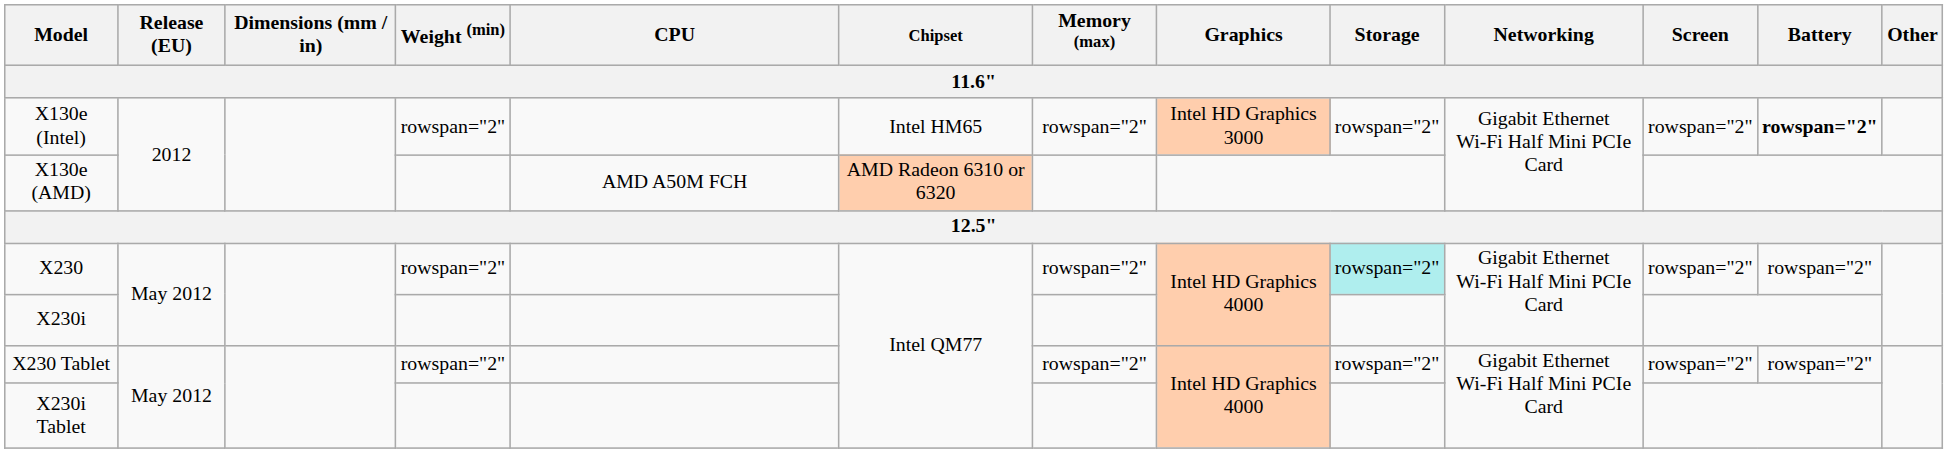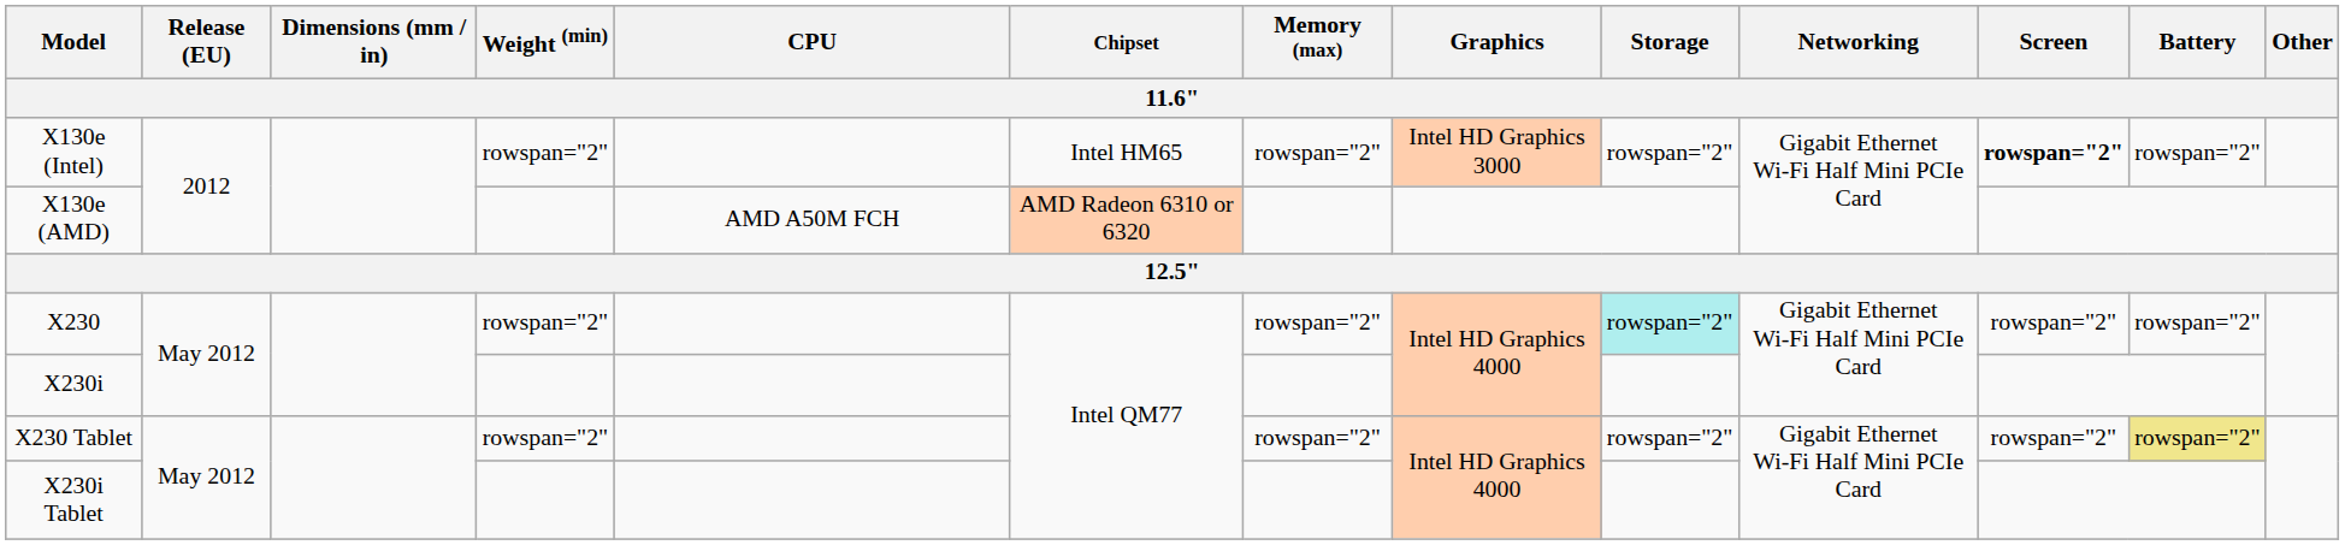 <table class="wikitable" style="font-size: 80%; text-align: center; min-width: 80%;">
 <tr>
 <th>Model</th>
 <th>Release (EU)</th>
 <th>Dimensions (mm / in)</th>
 <th>Weight <sup>(min)</sup></th>
 <th style="width:17%">CPU</th>
 <th><small>Chipset</small></th>
 <th>Memory <sup>(max)</sup></th>
 <th>Graphics</th>
 <th>Storage</th>
 <th>Networking</th>
 <th>Screen</th>
 <th>Battery</th>
 <th>Other</th>
 </tr>
 <tr>
 <th colspan=13>11.6"</th>
 </tr>
 <tr>
 <td>X130e (Intel) </td>
 <td rowspan="2">2012</td>
 <td rowspan="2"></td>
 <td>rowspan="2" </td>
 <td></td>
 <td>Intel HM65</td>
 <td>rowspan="2" </td>
 <td style="background:#ffcead;">Intel HD Graphics 3000</td>
 <td>rowspan="2" </td>
 <td rowspan="2">Gigabit Ethernet<br>Wi-Fi Half Mini PCIe Card<br><small><br></small></td>
+<td><strong>rowspan="2" </strong></td>
 <td>rowspan="2" </td>
-<td><strong>rowspan="2" </strong></td>
 <td></td>
 </tr>
 <tr>
 <td>X130e (AMD)</td>
 <td></td>
 <td>AMD A50M FCH</td>
 <td style="background:#ffcead;">AMD Radeon 6310 or 6320</td>
 <td></td>
 </tr>
 <tr>
 <th colspan=13>12.5"</th>
 </tr>
 <tr>
 <td>X230 </td>
 <td rowspan="2">May 2012</td>
 <td rowspan="2"></td>
 <td>rowspan="2" </td>
 <td></td>
 <td rowspan="4">Intel QM77</td>
 <td>rowspan="2" </td>
 <td rowspan="2" style="background:#ffcead;">Intel HD Graphics 4000</td>
 <td style="background: paleturquoise;">rowspan="2" </td>
 <td rowspan="2">Gigabit Ethernet<br>Wi-Fi Half Mini PCIe Card<br><small><br></small></td>
 <td>rowspan="2" </td>
 <td>rowspan="2" </td>
 <td rowspan="2"></td>
 </tr>
 <tr>
 <td>X230i</td>
 <td></td>
 </tr>
 <tr>
 <td>X230 Tablet </td>
 <td rowspan="2">May 2012</td>
 <td rowspan="2"></td>
 <td>rowspan="2" </td>
 <td></td>
 <td>rowspan="2" </td>
 <td rowspan="2" style="background:#ffcead;">Intel HD Graphics 4000</td>
 <td>rowspan="2" </td>
 <td rowspan="2">Gigabit Ethernet<br>Wi-Fi Half Mini PCIe Card<br><small><br></small></td>
 <td>rowspan="2" </td>
-<td>rowspan="2" </td>
+<td style="background: khaki;">rowspan="2" </td>
 <td rowspan="2"></td>
 </tr>
 <tr>
 <td>X230i Tablet</td>
 <td></td>
 </tr>
 </table>
